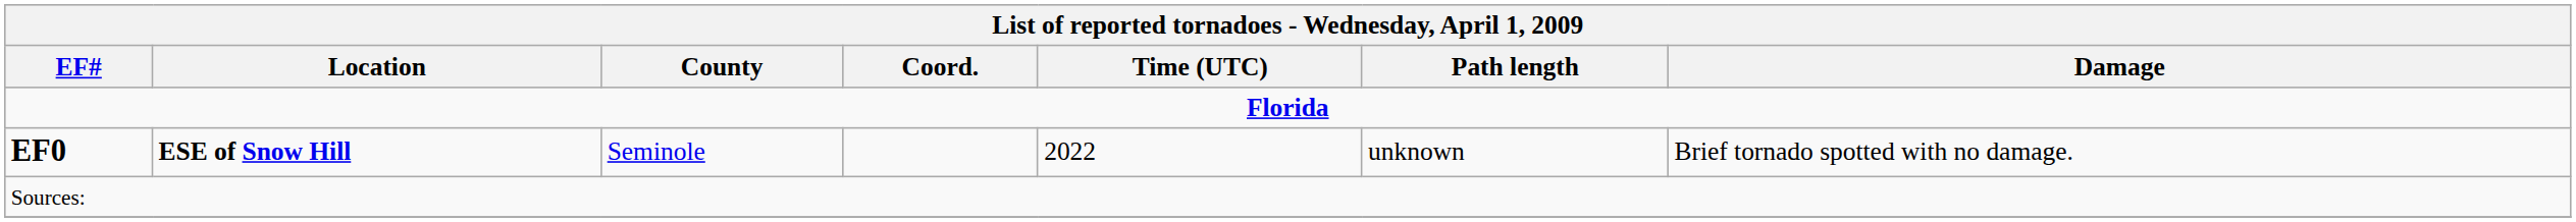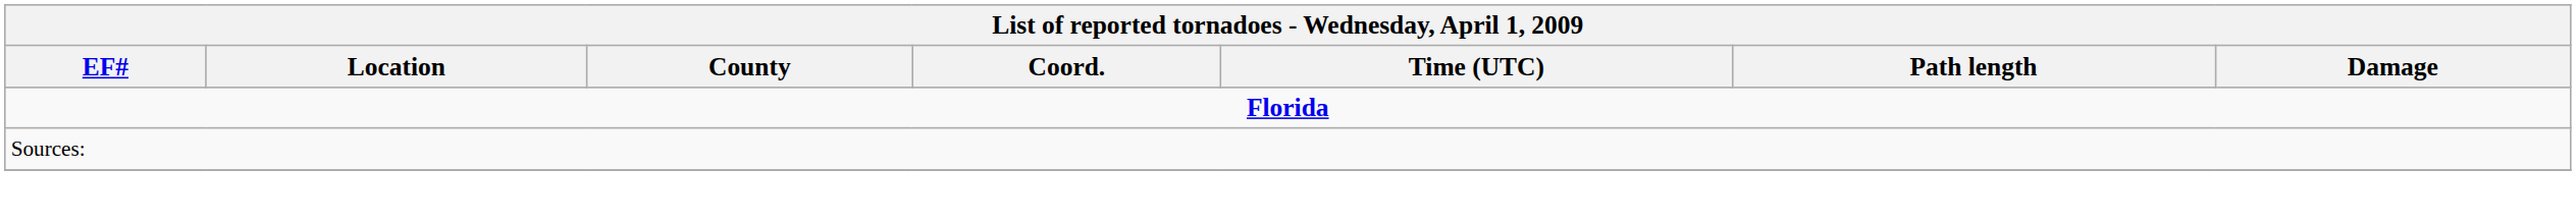 <table class="wikitable collapsible" width="100%">
 <tr>
 <th colspan="7">List of reported tornadoes - Wednesday, April 1, 2009</th>
 </tr>
 <tr>
 <th><a href='#'>EF#</a></th>
 <th>Location</th>
 <th>County</th>
 <th>Coord.</th>
 <th>Time (UTC)</th>
 <th>Path length</th>
 <th>Damage</th>
 </tr>
 <tr>
 <td colspan="7" align=center><strong><a href='#'>Florida</a></strong></td>
 </tr>
 <tr>
-<td><big><strong>EF0</strong></big></td>
-<td><strong>ESE of <a href='#'>Snow Hill</a></strong></td>
-<td><a href='#'>Seminole</a></td>
-<td></td>
-<td>2022</td>
-<td>unknown</td>
-<td>Brief tornado spotted with no damage.</td>
-</tr>
-<tr>
 <td colspan="7"><small>Sources: </small></td>
 </tr>
 <tr>
 </tr>
 </table>
